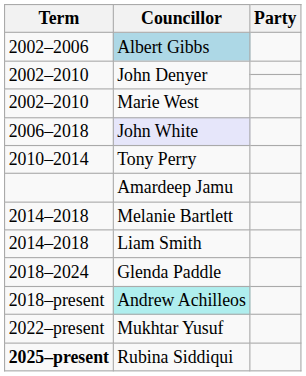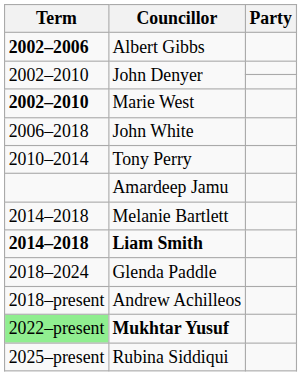 <table class="wikitable">
 <tr>
 <th>Term</th>
 <th>Councillor</th>
 <th colspan=2>Party</th>
 </tr>
 <tr>
-<td>2002–2006</td>
-<td style="background: lightblue;">Albert Gibbs</td>
+<td><strong>2002–2006</strong></td>
+<td>Albert Gibbs</td>
 <td></td>
 </tr>
 <tr>
 <td rowspan=2>2002–2010</td>
 <td rowspan=2>John Denyer</td>
 <td></td>
 </tr>
 <tr>
 <td></td>
 </tr>
 <tr>
-<td>2002–2010</td>
+<td><strong>2002–2010</strong></td>
 <td>Marie West</td>
 <td></td>
 </tr>
 <tr>
 <td>2006–2018</td>
-<td style="background: lavender;">John White</td>
+<td>John White</td>
 <td></td>
 </tr>
 <tr>
 <td>2010–2014</td>
 <td>Tony Perry</td>
 <td></td>
 </tr>
 <tr>
 <td></td>
 <td>Amardeep Jamu</td>
 <td></td>
 </tr>
 <tr>
 <td>2014–2018</td>
 <td>Melanie Bartlett</td>
 <td></td>
 </tr>
 <tr>
-<td>2014–2018</td>
-<td>Liam Smith</td>
+<td><strong>2014–2018</strong></td>
+<td><strong>Liam Smith</strong></td>
 <td></td>
 </tr>
 <tr>
 <td>2018–2024</td>
 <td>Glenda Paddle</td>
 <td></td>
 </tr>
 <tr>
 <td>2018–present</td>
-<td style="background: paleturquoise;">Andrew Achilleos</td>
+<td>Andrew Achilleos</td>
 <td></td>
 </tr>
 <tr>
-<td>2022–present</td>
-<td>Mukhtar Yusuf</td>
+<td style="background: lightgreen;">2022–present</td>
+<td><strong>Mukhtar Yusuf</strong></td>
 <td></td>
 </tr>
 <tr>
-<td><strong>2025–present</strong></td>
+<td>2025–present</td>
 <td>Rubina Siddiqui</td>
 <td></td>
 </tr>
 </table>
